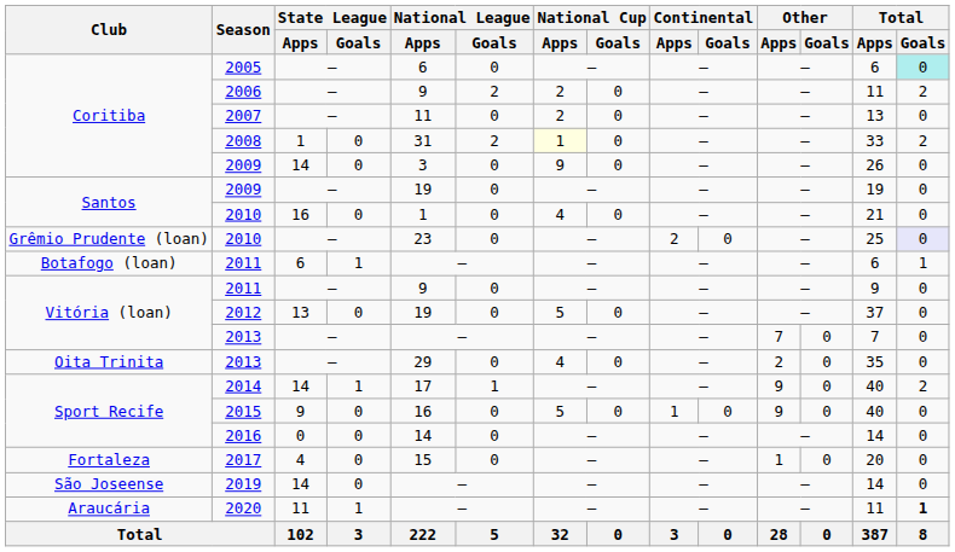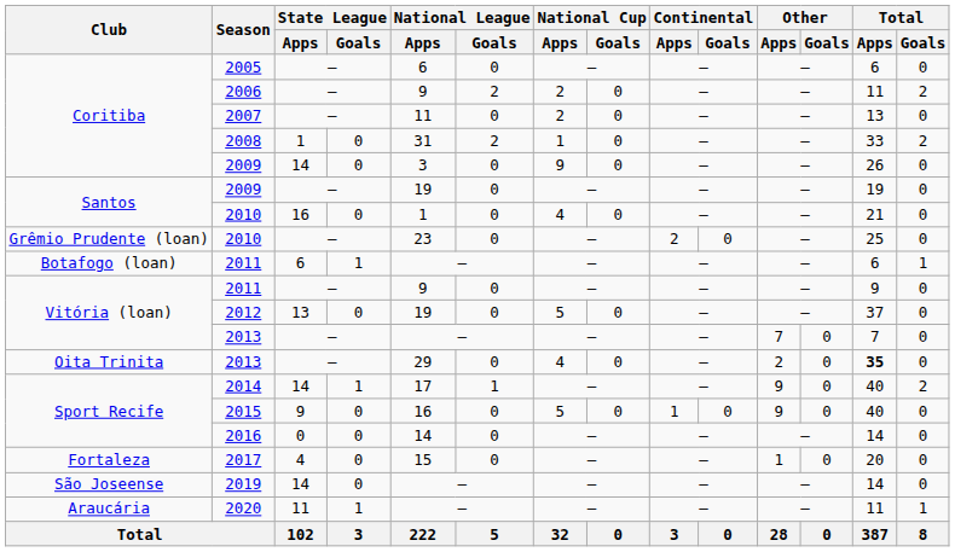 <table class="wikitable" style="text-align: center;">
 <tr>
 <th rowspan="2">Club</th>
 <th rowspan="2">Season</th>
 <th colspan="2">State League</th>
 <th colspan="2">National League</th>
 <th colspan="2">National Cup</th>
 <th colspan="2">Continental</th>
 <th colspan="2">Other</th>
 <th colspan="2">Total</th>
 </tr>
 <tr>
 <th>Apps</th>
 <th>Goals</th>
 <th>Apps</th>
 <th>Goals</th>
 <th>Apps</th>
 <th>Goals</th>
 <th>Apps</th>
 <th>Goals</th>
 <th>Apps</th>
 <th>Goals</th>
 <th>Apps</th>
 <th>Goals</th>
 </tr>
 <tr>
 <td rowspan="5" valign="center"><a href='#'>Coritiba</a></td>
 <td><a href='#'>2005</a></td>
 <td colspan=2>–</td>
 <td>6</td>
 <td>0</td>
 <td colspan=2>–</td>
 <td colspan=2>–</td>
 <td colspan=2>–</td>
 <td>6</td>
-<td style="background: paleturquoise;">0</td>
+<td>0</td>
 </tr>
 <tr>
 <td><a href='#'>2006</a></td>
 <td colspan=2>–</td>
 <td>9</td>
 <td>2</td>
 <td>2</td>
 <td>0</td>
 <td colspan=2>–</td>
 <td colspan=2>–</td>
 <td>11</td>
 <td>2</td>
 </tr>
 <tr>
 <td><a href='#'>2007</a></td>
 <td colspan=2>–</td>
 <td>11</td>
 <td>0</td>
 <td>2</td>
 <td>0</td>
 <td colspan=2>–</td>
 <td colspan=2>–</td>
 <td>13</td>
 <td>0</td>
 </tr>
 <tr>
 <td><a href='#'>2008</a></td>
 <td>1</td>
 <td>0</td>
 <td>31</td>
 <td>2</td>
-<td style="background: lightyellow;">1</td>
+<td>1</td>
 <td>0</td>
 <td colspan=2>–</td>
 <td colspan=2>–</td>
 <td>33</td>
 <td>2</td>
 </tr>
 <tr>
 <td><a href='#'>2009</a></td>
 <td>14</td>
 <td>0</td>
 <td>3</td>
 <td>0</td>
 <td>9</td>
 <td>0</td>
 <td colspan=2>–</td>
 <td colspan=2>–</td>
 <td>26</td>
 <td>0</td>
 </tr>
 <tr>
 <td rowspan="2" valign="center"><a href='#'>Santos</a></td>
 <td><a href='#'>2009</a></td>
 <td colspan=2>–</td>
 <td>19</td>
 <td>0</td>
 <td colspan=2>–</td>
 <td colspan=2>–</td>
 <td colspan=2>–</td>
 <td>19</td>
 <td>0</td>
 </tr>
 <tr>
 <td><a href='#'>2010</a></td>
 <td>16</td>
 <td>0</td>
 <td>1</td>
 <td>0</td>
 <td>4</td>
 <td>0</td>
 <td colspan=2>–</td>
 <td colspan=2>–</td>
 <td>21</td>
 <td>0</td>
 </tr>
 <tr>
 <td rowspan="1" valign="center"><a href='#'>Grêmio Prudente</a> (loan)</td>
 <td><a href='#'>2010</a></td>
 <td colspan=2>–</td>
 <td>23</td>
 <td>0</td>
 <td colspan=2>–</td>
 <td>2</td>
 <td>0</td>
 <td colspan=2>–</td>
 <td>25</td>
-<td style="background: lavender;">0</td>
+<td>0</td>
 </tr>
 <tr>
 <td rowspan="1" valign="center"><a href='#'>Botafogo</a> (loan)</td>
 <td><a href='#'>2011</a></td>
 <td>6</td>
 <td>1</td>
 <td colspan=2>–</td>
 <td colspan=2>–</td>
 <td colspan=2>–</td>
 <td colspan=2>–</td>
 <td>6</td>
 <td>1</td>
 </tr>
 <tr>
 <td rowspan="3" valign="center"><a href='#'>Vitória</a> (loan)</td>
 <td><a href='#'>2011</a></td>
 <td colspan=2>–</td>
 <td>9</td>
 <td>0</td>
 <td colspan=2>–</td>
 <td colspan=2>–</td>
 <td colspan=2>–</td>
 <td>9</td>
 <td>0</td>
 </tr>
 <tr>
 <td><a href='#'>2012</a></td>
 <td>13</td>
 <td>0</td>
 <td>19</td>
 <td>0</td>
 <td>5</td>
 <td>0</td>
 <td colspan=2>–</td>
 <td colspan=2>–</td>
 <td>37</td>
 <td>0</td>
 </tr>
 <tr>
 <td><a href='#'>2013</a></td>
 <td colspan=2>–</td>
 <td colspan=2>–</td>
 <td colspan=2>–</td>
 <td colspan=2>–</td>
 <td>7</td>
 <td>0</td>
 <td>7</td>
 <td>0</td>
 </tr>
 <tr>
 <td rowspan="1" valign="center"><a href='#'>Oita Trinita</a></td>
 <td><a href='#'>2013</a></td>
 <td colspan=2>–</td>
 <td>29</td>
 <td>0</td>
 <td>4</td>
 <td>0</td>
 <td colspan=2>–</td>
 <td>2</td>
 <td>0</td>
-<td>35</td>
+<td><strong>35</strong></td>
 <td>0</td>
 </tr>
 <tr>
 <td rowspan="3" valign="center"><a href='#'>Sport Recife</a></td>
 <td><a href='#'>2014</a></td>
 <td>14</td>
 <td>1</td>
 <td>17</td>
 <td>1</td>
 <td colspan=2>–</td>
 <td colspan=2>–</td>
 <td>9</td>
 <td>0</td>
 <td>40</td>
 <td>2</td>
 </tr>
 <tr>
 <td><a href='#'>2015</a></td>
 <td>9</td>
 <td>0</td>
 <td>16</td>
 <td>0</td>
 <td>5</td>
 <td>0</td>
 <td>1</td>
 <td>0</td>
 <td>9</td>
 <td>0</td>
 <td>40</td>
 <td>0</td>
 </tr>
 <tr>
 <td><a href='#'>2016</a></td>
 <td>0</td>
 <td>0</td>
 <td>14</td>
 <td>0</td>
 <td colspan=2>–</td>
 <td colspan=2>–</td>
 <td colspan=2>–</td>
 <td>14</td>
 <td>0</td>
 </tr>
 <tr>
 <td rowspan="1" valign="center"><a href='#'>Fortaleza</a></td>
 <td><a href='#'>2017</a></td>
 <td>4</td>
 <td>0</td>
 <td>15</td>
 <td>0</td>
 <td colspan=2>–</td>
 <td colspan=2>–</td>
 <td>1</td>
 <td>0</td>
 <td>20</td>
 <td>0</td>
 </tr>
 <tr>
 <td rowspan="1" valign="center"><a href='#'>São Joseense</a></td>
 <td><a href='#'>2019</a></td>
 <td>14</td>
 <td>0</td>
 <td colspan=2>–</td>
 <td colspan=2>–</td>
 <td colspan=2>–</td>
 <td colspan=2>–</td>
 <td>14</td>
 <td>0</td>
 </tr>
 <tr>
 <td rowspan="1" valign="center"><a href='#'>Araucária</a></td>
 <td><a href='#'>2020</a></td>
 <td>11</td>
 <td>1</td>
 <td colspan=2>–</td>
 <td colspan=2>–</td>
 <td colspan=2>–</td>
 <td colspan=2>–</td>
 <td>11</td>
-<td><strong>1</strong></td>
+<td>1</td>
 </tr>
 <tr>
 <th colspan="2"><strong>Total</strong></th>
 <th>102</th>
 <th>3</th>
 <th>222</th>
 <th>5</th>
 <th>32</th>
 <th>0</th>
 <th>3</th>
 <th>0</th>
 <th>28</th>
 <th>0</th>
 <th>387</th>
 <th>8</th>
 </tr>
 </table>
